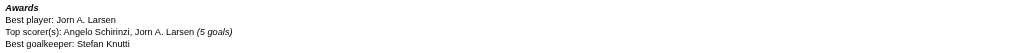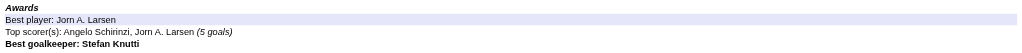 <table width=100% cellspacing=1 style="font-size: 90%;">
 <tr>
 <td><strong><em>Awards</em></strong></td>
 </tr>
 <tr>
-<td>Best player:  Jorn A. Larsen</td>
+<td style="background: lavender;">Best player:  Jorn A. Larsen</td>
 </tr>
 <tr>
 <td colspan=4>Top scorer(s):  Angelo Schirinzi,  Jorn A. Larsen <em>(5 goals)</em></td>
 </tr>
 <tr>
-<td>Best goalkeeper:  Stefan Knutti</td>
+<td><strong>Best goalkeeper:  Stefan Knutti</strong></td>
 </tr>
 </table>
